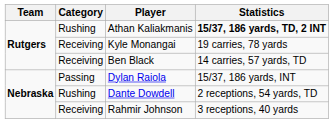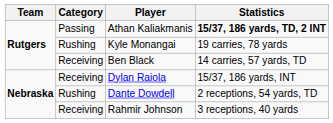 <table class="wikitable" style="float: right;">
 <tr>
 <th>Team</th>
 <th>Category</th>
 <th>Player</th>
 <th>Statistics</th>
 </tr>
 <tr>
 <td rowspan=3><strong>Rutgers</strong></td>
-<td>Rushing</td>
+<td>Passing</td>
 <td>Athan Kaliakmanis</td>
 <td><strong>15/37, 186 yards, TD, 2 INT</strong></td>
 </tr>
 <tr>
-<td>Receiving</td>
+<td>Rushing</td>
 <td>Kyle Monangai</td>
 <td>19 carries, 78 yards</td>
 </tr>
 <tr>
 <td>Receiving</td>
 <td>Ben Black</td>
 <td>14 carries, 57 yards, TD</td>
 </tr>
 <tr>
 <td rowspan=3><strong>Nebraska</strong></td>
-<td>Passing</td>
+<td>Receiving</td>
 <td><a href='#'>Dylan Raiola</a></td>
 <td>15/37, 186 yards, INT</td>
 </tr>
 <tr>
 <td>Rushing</td>
 <td><a href='#'>Dante Dowdell</a></td>
 <td>2 receptions, 54 yards, TD</td>
 </tr>
 <tr>
 <td>Receiving</td>
 <td>Rahmir Johnson</td>
 <td>3 receptions, 40 yards</td>
 </tr>
 </table>
